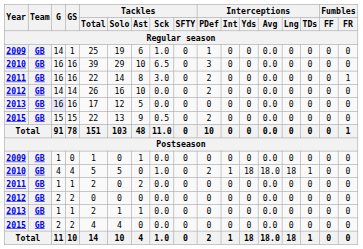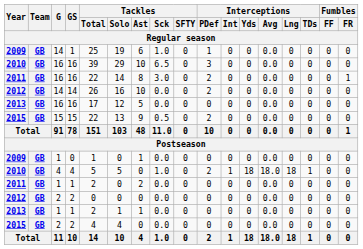 <table class="wikitable" style="text-align: center;">
 <tr>
 <th rowspan=2>Year</th>
 <th rowspan=2>Team</th>
 <th rowspan=2>G</th>
 <th rowspan=2>GS</th>
 <th colspan=5>Tackles</th>
 <th colspan=6>Interceptions</th>
 <th colspan=2>Fumbles</th>
 </tr>
 <tr>
 <th>Total</th>
 <th>Solo</th>
 <th>Ast</th>
 <th>Sck</th>
 <th>SFTY</th>
 <th>PDef</th>
 <th>Int</th>
 <th>Yds</th>
 <th>Avg</th>
 <th>Lng</th>
 <th>TDs</th>
 <th>FF</th>
 <th>FR</th>
 </tr>
 <tr>
 <th colspan=17><strong>Regular season</strong></th>
 </tr>
 <tr>
 <th><a href='#'>2009</a></th>
 <th><a href='#'>GB</a></th>
 <td>14</td>
 <td>1</td>
 <td>25</td>
 <td>19</td>
 <td>6</td>
 <td>1.0</td>
 <td>0</td>
 <td>1</td>
 <td>0</td>
 <td>0</td>
 <td>0.0</td>
 <td>0</td>
 <td>0</td>
 <td>0</td>
 <td>0</td>
 </tr>
 <tr>
 <th><a href='#'>2010</a></th>
 <th><a href='#'>GB</a></th>
 <td>16</td>
 <td>16</td>
 <td>39</td>
 <td>29</td>
 <td>10</td>
 <td>6.5</td>
 <td>0</td>
 <td>3</td>
 <td>0</td>
 <td>0</td>
 <td>0.0</td>
 <td>0</td>
 <td>0</td>
 <td>0</td>
 <td>0</td>
 </tr>
 <tr>
 <th><a href='#'>2011</a></th>
 <th><a href='#'>GB</a></th>
 <td>16</td>
 <td>16</td>
 <td>22</td>
 <td>14</td>
 <td>8</td>
 <td>3.0</td>
 <td>0</td>
 <td>2</td>
 <td>0</td>
 <td>0</td>
 <td>0.0</td>
 <td>0</td>
 <td>0</td>
 <td>0</td>
 <td>1</td>
 </tr>
 <tr>
 <th><a href='#'>2012</a></th>
 <th><a href='#'>GB</a></th>
 <td>14</td>
 <td>14</td>
 <td>26</td>
 <td>16</td>
 <td>10</td>
 <td>0.0</td>
 <td>0</td>
 <td>2</td>
 <td>0</td>
 <td>0</td>
 <td>0.0</td>
 <td>0</td>
 <td>0</td>
 <td>0</td>
 <td>0</td>
 </tr>
 <tr>
 <th><a href='#'>2013</a></th>
 <th><a href='#'>GB</a></th>
-<td style="background: lavender;">16</td>
+<td>16</td>
 <td>16</td>
 <td>17</td>
 <td>12</td>
 <td>5</td>
 <td>0.0</td>
 <td>0</td>
 <td>0</td>
 <td>0</td>
 <td>0</td>
 <td>0.0</td>
 <td>0</td>
 <td>0</td>
 <td>0</td>
 <td>0</td>
 </tr>
 <tr>
 <th><a href='#'>2015</a></th>
 <th><a href='#'>GB</a></th>
 <td>15</td>
 <td>15</td>
 <td>22</td>
 <td>13</td>
 <td>9</td>
 <td>0.5</td>
 <td>0</td>
 <td>2</td>
 <td>0</td>
 <td>0</td>
 <td>0.0</td>
 <td>0</td>
 <td>0</td>
 <td>0</td>
 <td>0</td>
 </tr>
 <tr>
 <th colspan=2>Total</th>
 <th>91</th>
 <th>78</th>
 <th>151</th>
 <th>103</th>
 <th>48</th>
 <th>11.0</th>
 <th>0</th>
 <th>10</th>
 <th>0</th>
 <th>0</th>
 <th>0.0</th>
 <th>0</th>
 <th>0</th>
 <th>0</th>
 <th>1</th>
 </tr>
 <tr>
 <th colspan=17><strong>Postseason</strong></th>
 </tr>
 <tr>
 <th><a href='#'>2009</a></th>
 <th><a href='#'>GB</a></th>
 <td>1</td>
 <td>0</td>
 <td>1</td>
 <td>0</td>
 <td>1</td>
 <td>0.0</td>
 <td>0</td>
 <td>0</td>
 <td>0</td>
 <td>0</td>
 <td>0.0</td>
 <td>0</td>
 <td>0</td>
 <td>0</td>
 <td>0</td>
 </tr>
 <tr>
 <th><a href='#'>2010</a></th>
 <th><a href='#'>GB</a></th>
 <td>4</td>
 <td>4</td>
 <td>5</td>
 <td>5</td>
 <td>0</td>
 <td>1.0</td>
 <td>0</td>
 <td>2</td>
 <td>1</td>
 <td>18</td>
 <td>18.0</td>
 <td>18</td>
 <td>1</td>
 <td>0</td>
 <td>0</td>
 </tr>
 <tr>
 <th><a href='#'>2011</a></th>
 <th><a href='#'>GB</a></th>
 <td>1</td>
 <td>1</td>
 <td>2</td>
 <td>0</td>
 <td>2</td>
 <td>0.0</td>
 <td>0</td>
 <td>0</td>
 <td>0</td>
 <td>0</td>
 <td>0.0</td>
 <td>0</td>
 <td>0</td>
 <td>0</td>
 <td>0</td>
 </tr>
 <tr>
 <th><a href='#'>2012</a></th>
 <th><a href='#'>GB</a></th>
 <td>2</td>
 <td>2</td>
 <td>0</td>
 <td>0</td>
 <td>0</td>
 <td>0.0</td>
 <td>0</td>
 <td>0</td>
 <td>0</td>
 <td>0</td>
 <td>0.0</td>
 <td>0</td>
 <td>0</td>
 <td>0</td>
 <td>0</td>
 </tr>
 <tr>
 <th><a href='#'>2013</a></th>
 <th><a href='#'>GB</a></th>
 <td>1</td>
 <td>1</td>
 <td>2</td>
 <td>1</td>
 <td>1</td>
 <td>0.0</td>
 <td>0</td>
 <td>0</td>
 <td>0</td>
 <td>0</td>
 <td>0.0</td>
 <td>0</td>
 <td>0</td>
 <td>0</td>
 <td>0</td>
 </tr>
 <tr>
 <th><a href='#'>2015</a></th>
 <th><a href='#'>GB</a></th>
 <td>2</td>
 <td>2</td>
 <td>4</td>
 <td>4</td>
 <td>0</td>
 <td>0.0</td>
 <td>0</td>
 <td>0</td>
 <td>0</td>
 <td>0</td>
 <td>0.0</td>
 <td>0</td>
 <td>0</td>
 <td>0</td>
 <td>0</td>
 </tr>
 <tr>
 <th colspan=2>Total</th>
 <th>11</th>
 <th>10</th>
 <th>14</th>
 <th>10</th>
 <th>4</th>
 <th>1.0</th>
 <th>0</th>
 <th>2</th>
 <th>1</th>
 <th>18</th>
 <th>18.0</th>
 <th>18</th>
 <th>1</th>
 <th>0</th>
 <th>0</th>
 </tr>
 </table>
